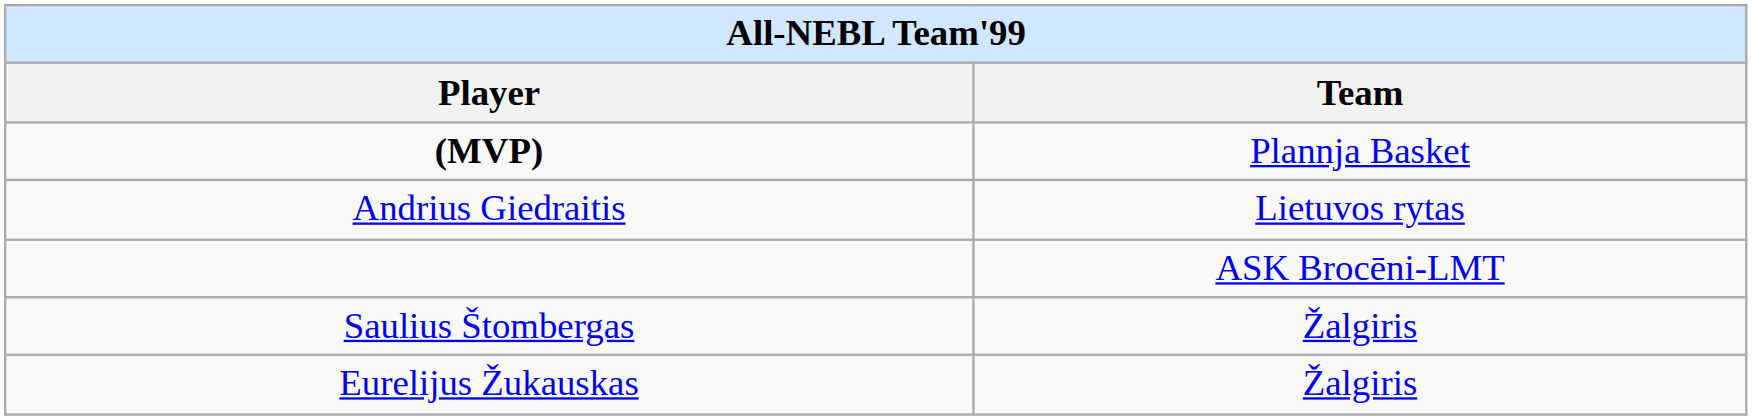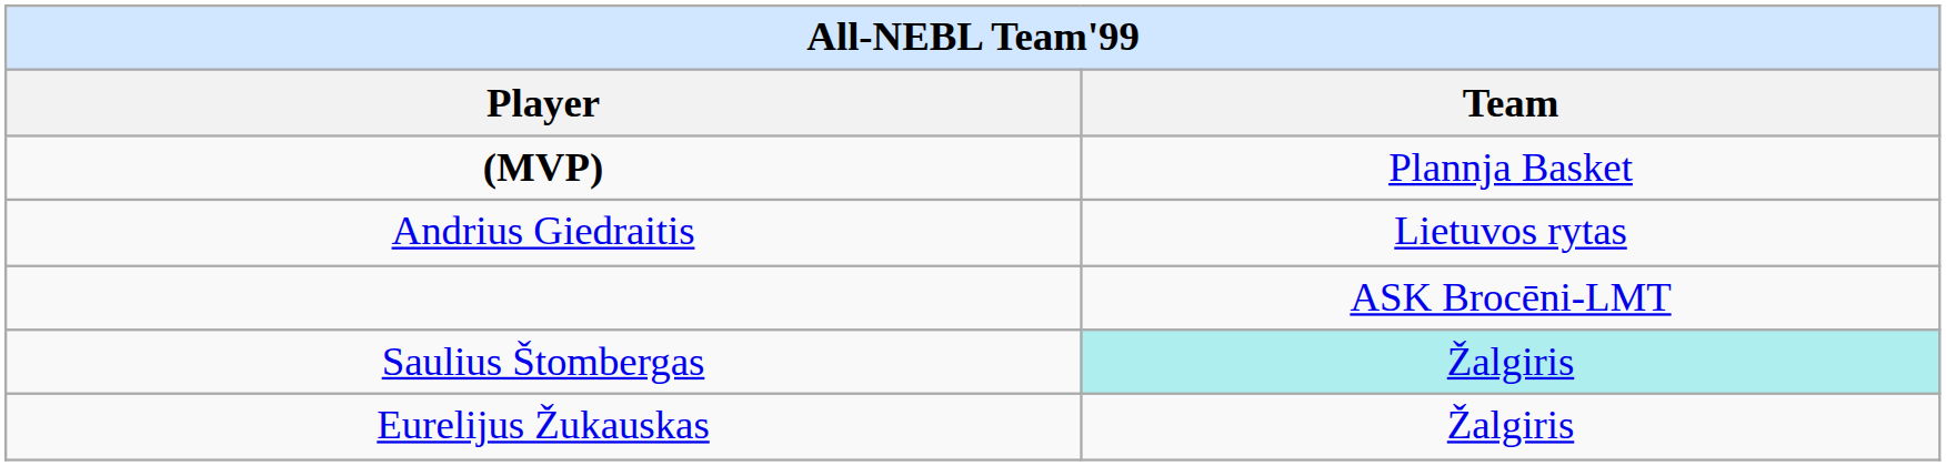 <table | class="wikitable" style="text-align: center;" width="60%">
 <tr>
 <td colspan=4 bgcolor="#D0E7FF"><strong>All-NEBL Team'99</strong></td>
 </tr>
 <tr>
 <th width=25%>Player</th>
 <th width=20%>Team</th>
 </tr>
 <tr>
 <td>  <strong>(MVP)</strong></td>
 <td><a href='#'>Plannja Basket</a></td>
 </tr>
 <tr>
 <td> <a href='#'>Andrius Giedraitis</a></td>
 <td><a href='#'>Lietuvos rytas</a></td>
 </tr>
 <tr>
 <td> </td>
 <td><a href='#'>ASK Brocēni-LMT</a></td>
 </tr>
 <tr>
 <td> <a href='#'>Saulius Štombergas</a></td>
-<td><a href='#'>Žalgiris</a></td>
+<td style="background: paleturquoise;"><a href='#'>Žalgiris</a></td>
 </tr>
 <tr>
 <td> <a href='#'>Eurelijus Žukauskas</a></td>
 <td><a href='#'>Žalgiris</a></td>
 </tr>
 </table>
